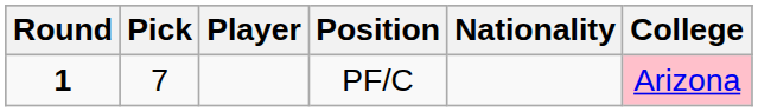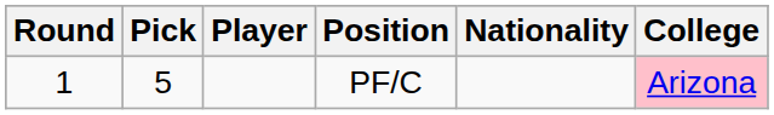 <table class="wikitable sortable sortable">
 <tr>
 <th>Round</th>
 <th>Pick</th>
 <th>Player</th>
 <th>Position</th>
 <th>Nationality</th>
 <th>College</th>
 </tr>
 <tr style="text-align: center">
-<td><strong>1</strong></td>
-<td>7</td>
+<td>1</td>
+<td>5</td>
 <td></td>
 <td>PF/C</td>
 <td></td>
 <td style="background: pink;"><a href='#'>Arizona</a></td>
 </tr>
 </table>
